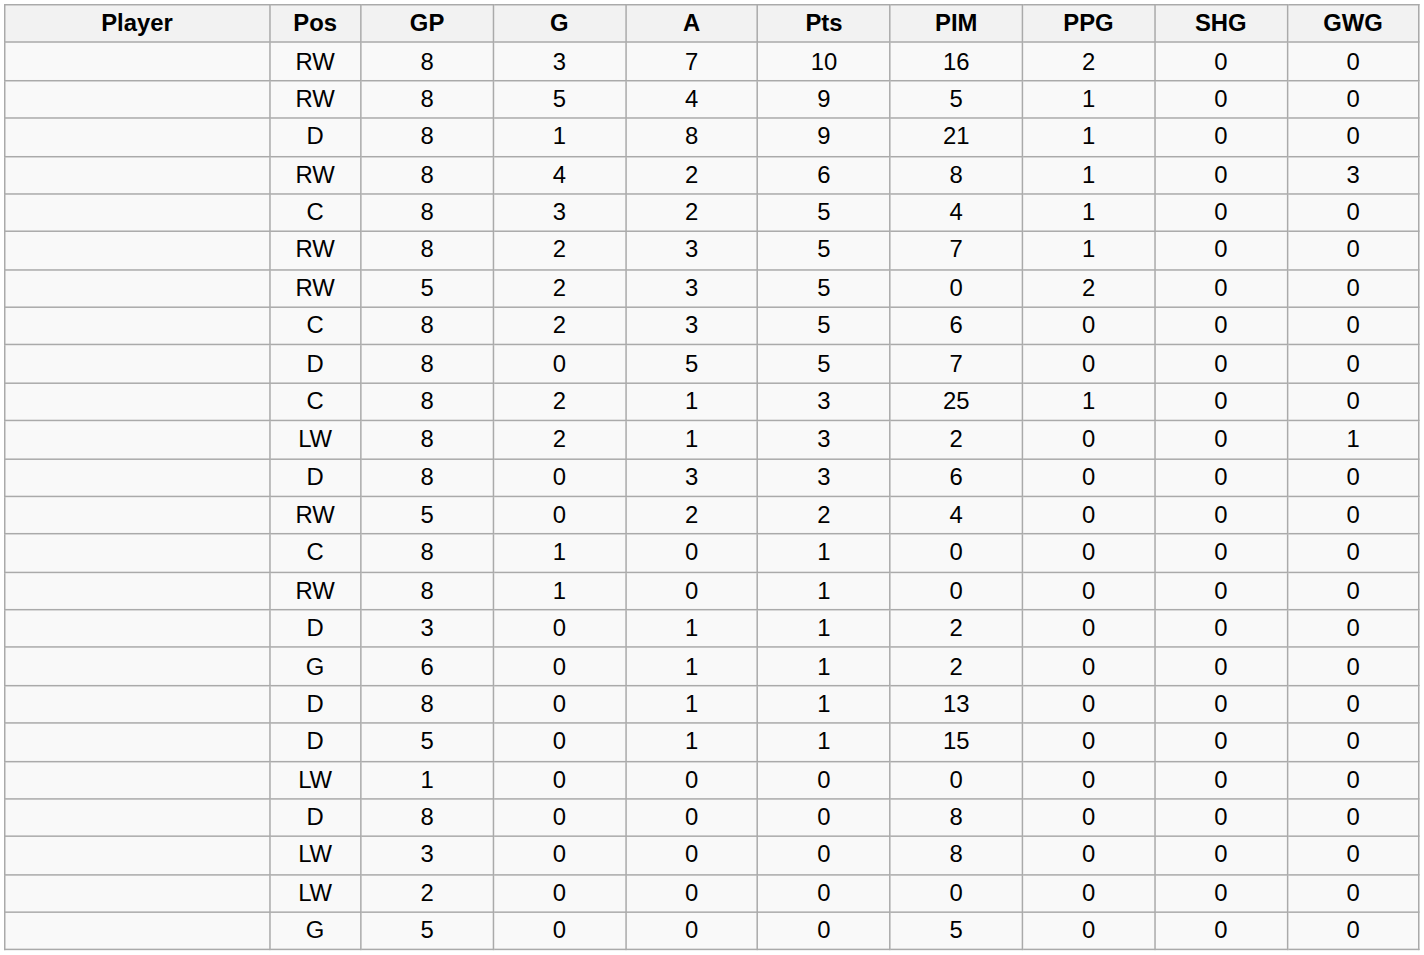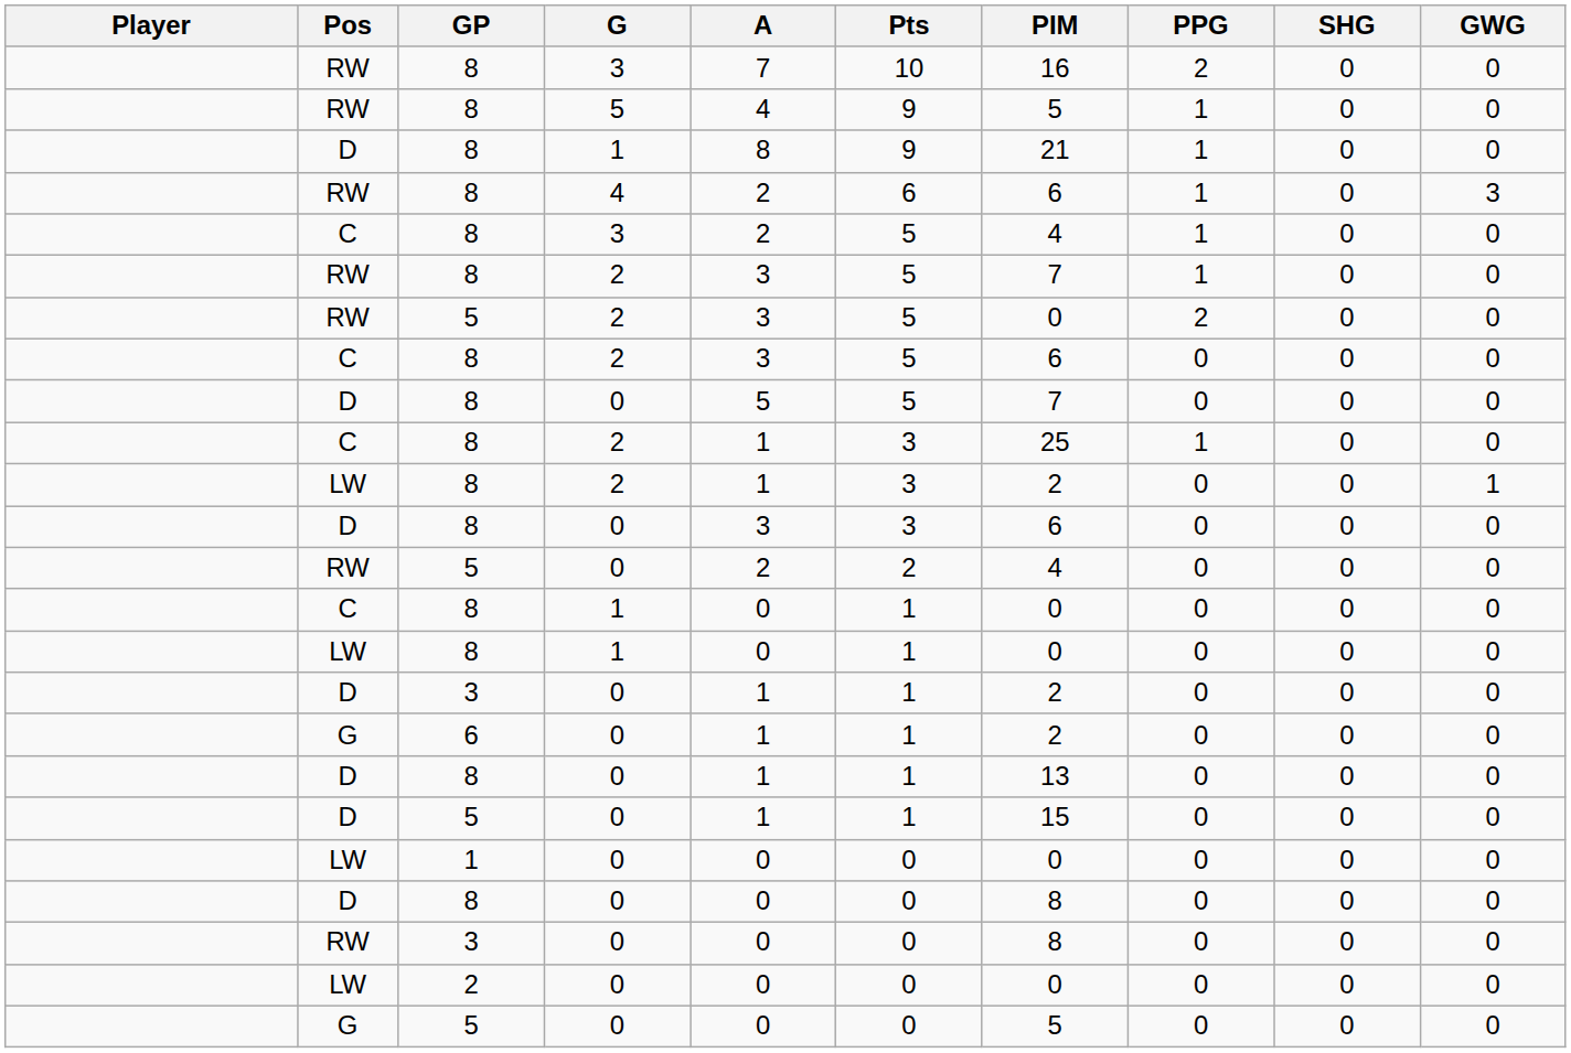 <table class="wikitable sortable" width="60%">
 <tr ALIGN="center">
 <th bgcolor="#DDDDFF" width="10%">Player</th>
 <th bgcolor="#DDDDFF" width="3%" title="Position">Pos</th>
 <th bgcolor="#DDDDFF" width="5%" title="Games played">GP</th>
 <th bgcolor="#DDDDFF" width="5%" title="Goals">G</th>
 <th bgcolor="#DDDDFF" width="5%" title="Assists">A</th>
 <th bgcolor="#DDDDFF" width="5%" title="Points">Pts</th>
 <th bgcolor="#DDDDFF" width="5%" title="Penalties in Minutes">PIM</th>
 <th bgcolor="#DDDDFF" width="5%" title="Power Play Goals">PPG</th>
 <th bgcolor="#DDDDFF" width="5%" title="Short-handed Goals">SHG</th>
 <th bgcolor="#DDDDFF" width="5%" title="Game-winning Goals">GWG</th>
 </tr>
 <tr align="center">
 <td align="right"></td>
 <td>RW</td>
 <td>8</td>
 <td>3</td>
 <td>7</td>
 <td>10</td>
 <td>16</td>
 <td>2</td>
 <td>0</td>
 <td>0</td>
 </tr>
 <tr align="center">
 <td align="right"></td>
 <td>RW</td>
 <td>8</td>
 <td>5</td>
 <td>4</td>
 <td>9</td>
 <td>5</td>
 <td>1</td>
 <td>0</td>
 <td>0</td>
 </tr>
 <tr align="center">
 <td align="right"></td>
 <td>D</td>
 <td>8</td>
 <td>1</td>
 <td>8</td>
 <td>9</td>
 <td>21</td>
 <td>1</td>
 <td>0</td>
 <td>0</td>
 </tr>
 <tr align="center">
 <td align="right"></td>
 <td>RW</td>
 <td>8</td>
 <td>4</td>
 <td>2</td>
 <td>6</td>
-<td>8</td>
+<td>6</td>
 <td>1</td>
 <td>0</td>
 <td>3</td>
 </tr>
 <tr align="center">
 <td align="right"></td>
 <td>C</td>
 <td>8</td>
 <td>3</td>
 <td>2</td>
 <td>5</td>
 <td>4</td>
 <td>1</td>
 <td>0</td>
 <td>0</td>
 </tr>
 <tr align="center">
 <td align="right"></td>
 <td>RW</td>
 <td>8</td>
 <td>2</td>
 <td>3</td>
 <td>5</td>
 <td>7</td>
 <td>1</td>
 <td>0</td>
 <td>0</td>
 </tr>
 <tr align="center">
 <td align="right"></td>
 <td>RW</td>
 <td>5</td>
 <td>2</td>
 <td>3</td>
 <td>5</td>
 <td>0</td>
 <td>2</td>
 <td>0</td>
 <td>0</td>
 </tr>
 <tr align="center">
 <td align="right"></td>
 <td>C</td>
 <td>8</td>
 <td>2</td>
 <td>3</td>
 <td>5</td>
 <td>6</td>
 <td>0</td>
 <td>0</td>
 <td>0</td>
 </tr>
 <tr align="center">
 <td align="right"></td>
 <td>D</td>
 <td>8</td>
 <td>0</td>
 <td>5</td>
 <td>5</td>
 <td>7</td>
 <td>0</td>
 <td>0</td>
 <td>0</td>
 </tr>
 <tr align="center">
 <td align="right"></td>
 <td>C</td>
 <td>8</td>
 <td>2</td>
 <td>1</td>
 <td>3</td>
 <td>25</td>
 <td>1</td>
 <td>0</td>
 <td>0</td>
 </tr>
 <tr align="center">
 <td align="right"></td>
 <td>LW</td>
 <td>8</td>
 <td>2</td>
 <td>1</td>
 <td>3</td>
 <td>2</td>
 <td>0</td>
 <td>0</td>
 <td>1</td>
 </tr>
 <tr align="center">
 <td align="right"></td>
 <td>D</td>
 <td>8</td>
 <td>0</td>
 <td>3</td>
 <td>3</td>
 <td>6</td>
 <td>0</td>
 <td>0</td>
 <td>0</td>
 </tr>
 <tr align="center">
 <td align="right"></td>
 <td>RW</td>
 <td>5</td>
 <td>0</td>
 <td>2</td>
 <td>2</td>
 <td>4</td>
 <td>0</td>
 <td>0</td>
 <td>0</td>
 </tr>
 <tr align="center">
 <td align="right"></td>
 <td>C</td>
 <td>8</td>
 <td>1</td>
 <td>0</td>
 <td>1</td>
 <td>0</td>
 <td>0</td>
 <td>0</td>
 <td>0</td>
 </tr>
 <tr align="center">
 <td align="right"></td>
-<td>RW</td>
+<td>LW</td>
 <td>8</td>
 <td>1</td>
 <td>0</td>
 <td>1</td>
 <td>0</td>
 <td>0</td>
 <td>0</td>
 <td>0</td>
 </tr>
 <tr align="center">
 <td align="right"></td>
 <td>D</td>
 <td>3</td>
 <td>0</td>
 <td>1</td>
 <td>1</td>
 <td>2</td>
 <td>0</td>
 <td>0</td>
 <td>0</td>
 </tr>
 <tr align="center">
 <td align="right"></td>
 <td>G</td>
 <td>6</td>
 <td>0</td>
 <td>1</td>
 <td>1</td>
 <td>2</td>
 <td>0</td>
 <td>0</td>
 <td>0</td>
 </tr>
 <tr align="center">
 <td align="right"></td>
 <td>D</td>
 <td>8</td>
 <td>0</td>
 <td>1</td>
 <td>1</td>
 <td>13</td>
 <td>0</td>
 <td>0</td>
 <td>0</td>
 </tr>
 <tr align="center">
 <td align="right"></td>
 <td>D</td>
 <td>5</td>
 <td>0</td>
 <td>1</td>
 <td>1</td>
 <td>15</td>
 <td>0</td>
 <td>0</td>
 <td>0</td>
 </tr>
 <tr align="center">
 <td align="right"></td>
 <td>LW</td>
 <td>1</td>
 <td>0</td>
 <td>0</td>
 <td>0</td>
 <td>0</td>
 <td>0</td>
 <td>0</td>
 <td>0</td>
 </tr>
 <tr align="center">
 <td align="right"></td>
 <td>D</td>
 <td>8</td>
 <td>0</td>
 <td>0</td>
 <td>0</td>
 <td>8</td>
 <td>0</td>
 <td>0</td>
 <td>0</td>
 </tr>
 <tr align="center">
 <td align="right"></td>
-<td>LW</td>
+<td>RW</td>
 <td>3</td>
 <td>0</td>
 <td>0</td>
 <td>0</td>
 <td>8</td>
 <td>0</td>
 <td>0</td>
 <td>0</td>
 </tr>
 <tr align="center">
 <td align="right"></td>
 <td>LW</td>
 <td>2</td>
 <td>0</td>
 <td>0</td>
 <td>0</td>
 <td>0</td>
 <td>0</td>
 <td>0</td>
 <td>0</td>
 </tr>
 <tr align="center">
 <td align="right"></td>
 <td>G</td>
 <td>5</td>
 <td>0</td>
 <td>0</td>
 <td>0</td>
 <td>5</td>
 <td>0</td>
 <td>0</td>
 <td>0</td>
 </tr>
 </table>
